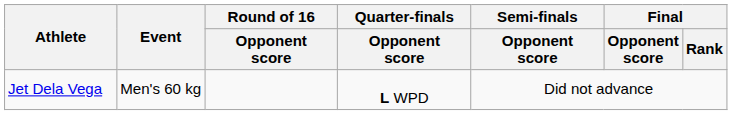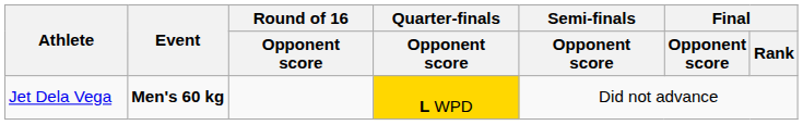 <table class="wikitable" style="font-size:90%; text-align:center">
 <tr>
 <th rowspan="2" width="100">Athlete</th>
 <th rowspan="2">Event</th>
 <th width="120">Round of 16</th>
 <th width="120">Quarter-finals</th>
 <th width="120">Semi-finals</th>
 <th colspan="2" width="100">Final</th>
 </tr>
 <tr>
 <th>Opponent<br>score</th>
 <th>Opponent<br>score</th>
 <th>Opponent<br>score</th>
 <th>Opponent<br>score</th>
 <th>Rank</th>
 </tr>
 <tr>
 <td align="left"><a href='#'>Jet Dela Vega</a></td>
-<td align="left">Men's 60 kg</td>
+<td align="left"><strong>Men's 60 kg</strong></td>
 <td></td>
-<td><br><strong>L</strong> WPD</td>
+<td style="background: gold;"><br><strong>L</strong> WPD</td>
 <td colspan="5">Did not advance</td>
 </tr>
 </table>
